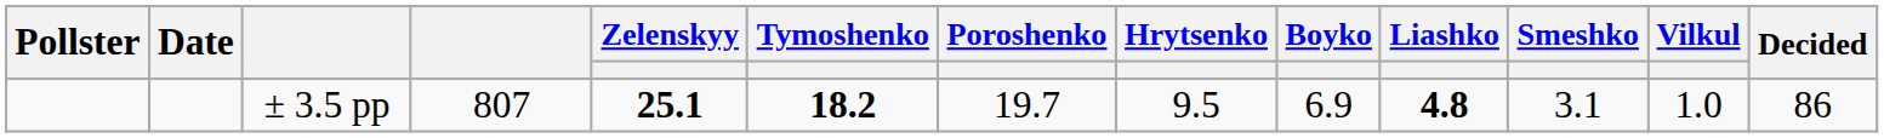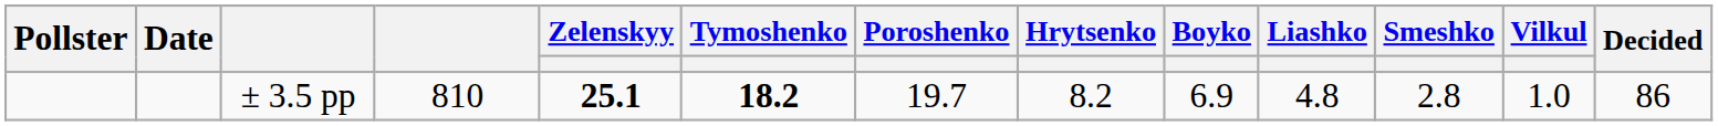 <table class="wikitable" style="text-align:center;font-size:95%;line-height:14px;">
 <tr>
 <th rowspan=2>Pollster</th>
 <th rowspan=2>Date</th>
 <th style="width:60px;" class=unsortable rowspan=2></th>
 <th style="width:65px;" class=unsortable rowspan=2></th>
 <th><small><a href='#'>Zelenskyy</a></small><br></th>
 <th><small><a href='#'>Tymoshenko</a></small><br></th>
 <th> <small><a href='#'>Poroshenko</a></small><br></th>
 <th><small><a href='#'>Hrytsenko</a></small><br></th>
 <th> <small><a href='#'>Boyko</a></small><br></th>
 <th><small><a href='#'>Liashko</a></small><br></th>
 <th><small><a href='#'>Smeshko</a></small><br></th>
 <th><small><a href='#'>Vilkul</a></small><br></th>
 <th rowspan=2><small>Decided</small></th>
 </tr>
 <tr>
 <th style="background:"></th>
 <th style="background:"></th>
 <th style="background:"></th>
 <th style="background:"></th>
 <th style="background:"></th>
 <th style="background:"></th>
 <th style="background:"></th>
 <th style="background:"></th>
 </tr>
 <tr>
 <td> </td>
 <td></td>
 <td>± 3.5 pp</td>
-<td>807</td>
+<td>810</td>
 <td style="background-color:#"><strong>25.1</strong></td>
 <td style="background-color:#"><strong>18.2</strong></td>
 <td>19.7</td>
-<td>9.5</td>
+<td>8.2</td>
 <td>6.9</td>
-<td><strong>4.8</strong></td>
-<td>3.1</td>
+<td>4.8</td>
+<td>2.8</td>
 <td>1.0</td>
 <td>86</td>
 </tr>
 </table>
